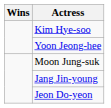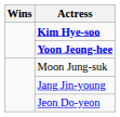 <table class="wikitable">
 <tr>
 <th>Wins</th>
 <th>Actress</th>
 </tr>
 <tr>
 <td rowspan="2"></td>
-<td><a href='#'>Kim Hye-soo</a></td>
+<td><strong><a href='#'>Kim Hye-soo</a></strong></td>
 </tr>
 <tr>
-<td><a href='#'>Yoon Jeong-hee</a></td>
+<td><strong><a href='#'>Yoon Jeong-hee</a></strong></td>
 </tr>
 <tr>
 <td rowspan="3"></td>
 <td>Moon Jung-suk</td>
 </tr>
 <tr>
 <td><a href='#'>Jang Jin-young</a></td>
 </tr>
 <tr>
 <td><a href='#'>Jeon Do-yeon</a></td>
 </tr>
 </table>
